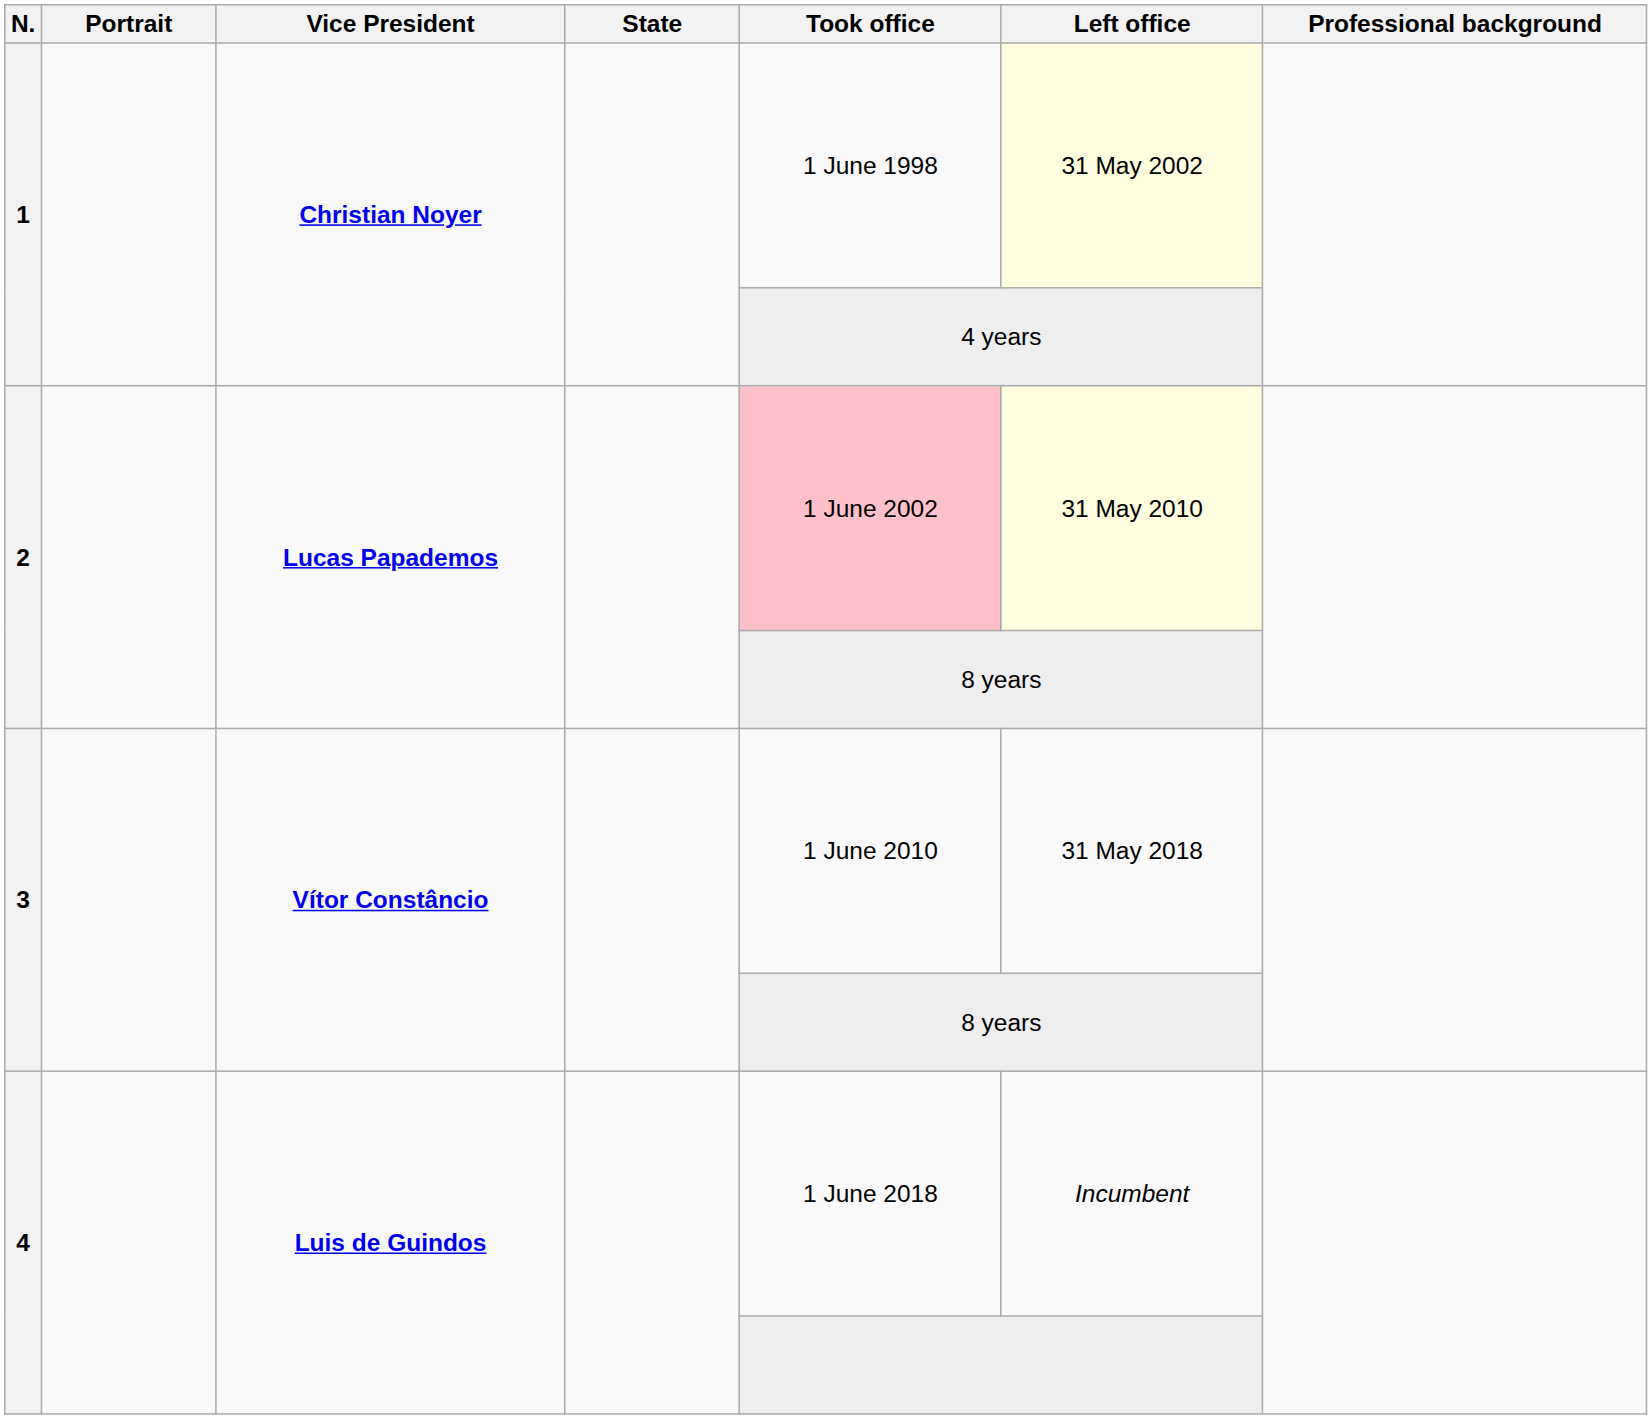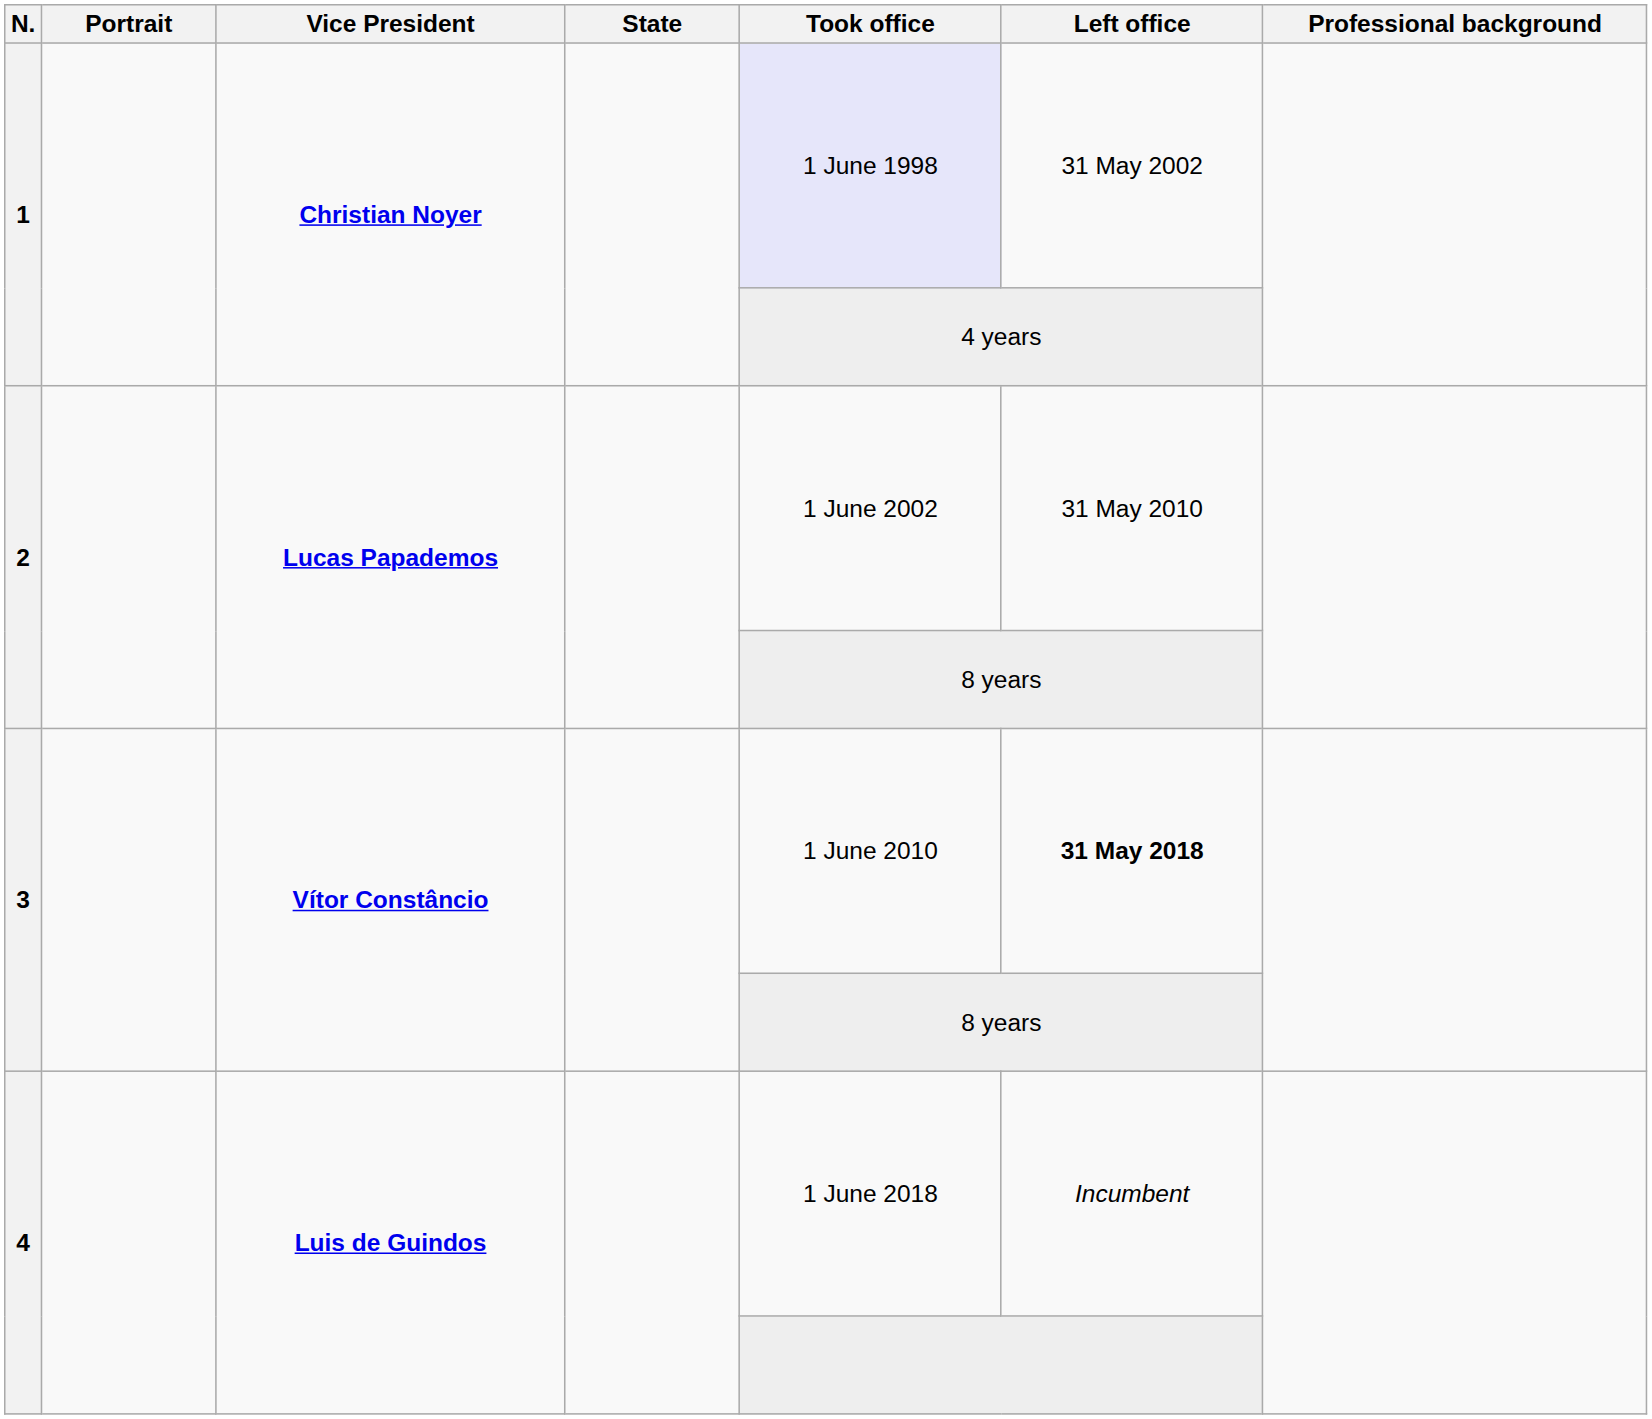 <table class="wikitable" style="text-align:center; style="width=85%">
 <tr>
 <th width=1%>N.</th>
 <th width=10%>Portrait</th>
 <th width=20%>Vice President<br></th>
 <th width=10%>State</th>
 <th width=15%>Took office</th>
 <th width=15%>Left office</th>
 <th width=22%>Professional background</th>
 </tr>
 <tr style="height:10em;">
 <th rowspan=2>1</th>
 <td rowspan=2></td>
 <td rowspan=2><strong><a href='#'>Christian Noyer</a></strong><br></td>
 <td rowspan=2></td>
-<td>1 June 1998</td>
-<td style="background: lightyellow;">31 May 2002</td>
+<td style="background: lavender;">1 June 1998</td>
+<td>31 May 2002</td>
 <td rowspan=2></td>
 </tr>
 <tr style="height:4em;">
 <td colspan=2 bgcolor=#EEEEEE>4 years</td>
 </tr>
 <tr style="height:10em;">
 <th rowspan=2>2</th>
 <td rowspan=2></td>
 <td rowspan=2><strong><a href='#'>Lucas Papademos</a></strong><br></td>
 <td rowspan=2></td>
-<td style="background: pink;">1 June 2002</td>
-<td style="background: lightyellow;">31 May 2010</td>
+<td>1 June 2002</td>
+<td>31 May 2010</td>
 <td rowspan=2></td>
 </tr>
 <tr style="height:4em;">
 <td colspan=2 bgcolor=#EEEEEE>8 years</td>
 </tr>
 <tr style="height:10em;">
 <th rowspan=2>3</th>
 <td rowspan=2></td>
 <td rowspan=2><strong><a href='#'>Vítor Constâncio</a></strong><br></td>
 <td rowspan=2></td>
 <td>1 June 2010</td>
-<td>31 May 2018</td>
+<td><strong>31 May 2018</strong></td>
 <td rowspan=2></td>
 </tr>
 <tr style="height:4em;">
 <td colspan=2 bgcolor=#EEEEEE>8 years</td>
 </tr>
 <tr style="height:10em;">
 <th rowspan=2>4</th>
 <td rowspan=2></td>
 <td rowspan=2><strong><a href='#'>Luis de Guindos</a></strong><br></td>
 <td rowspan=2></td>
 <td>1 June 2018</td>
 <td><em>Incumbent</em></td>
 <td rowspan=2></td>
 </tr>
 <tr style="height:4em;">
 <td colspan=2 bgcolor=#EEEEEE></td>
 </tr>
 </table>
